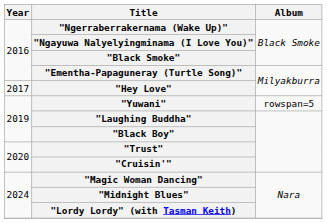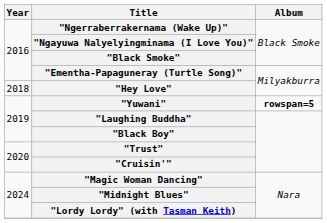 <table class="wikitable plainrowheaders" style="text-align:center;">
 <tr>
 <th>Year</th>
 <th>Title</th>
 <th>Album</th>
 </tr>
 <tr>
 <td rowspan=4>2016</td>
 <th scope="row">"Ngerraberrakernama (Wake Up)"</th>
 <td rowspan=3><em>Black Smoke</em></td>
 </tr>
 <tr>
 <th scope="row">"Ngayuwa Nalyelyingminama (I Love You)"</th>
 </tr>
 <tr>
 <th scope="row">"Black Smoke"</th>
 </tr>
 <tr>
 <th scope="row">"Ementha-Papaguneray (Turtle Song)"</th>
 <td rowspan=2><em>Milyakburra</em></td>
 </tr>
 <tr>
-<td>2017</td>
+<td>2018</td>
 <th scope="row">"Hey Love"</th>
 </tr>
 <tr>
 <td rowspan=3>2019</td>
 <th scope="row">"Yuwani" </th>
-<td>rowspan=5 </td>
+<td><strong>rowspan=5 </strong></td>
 </tr>
 <tr>
 <th scope="row">"Laughing Buddha" </th>
 </tr>
 <tr>
 <th scope="row">"Black Boy" </th>
 </tr>
 <tr>
 <td rowspan=2>2020</td>
 <th scope="row">"Trust" </th>
 </tr>
 <tr>
 <th scope="row">"Cruisin'"</th>
 </tr>
 <tr>
 <td rowspan=3>2024</td>
 <th scope="row">"Magic Woman Dancing"</th>
 <td rowspan=3><em>Nara</em></td>
 </tr>
 <tr>
 <th scope="row">"Midnight Blues"</th>
 </tr>
 <tr>
 <th scope="row">"Lordy Lordy" (with <a href='#'>Tasman Keith</a>)</th>
 </tr>
 <tr>
 </tr>
 </table>
